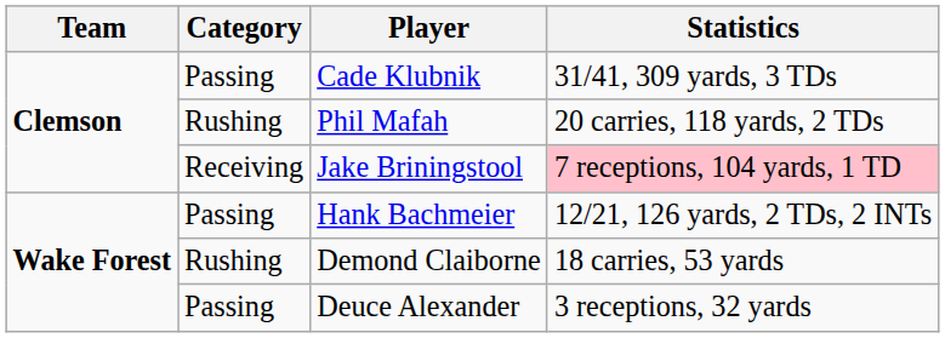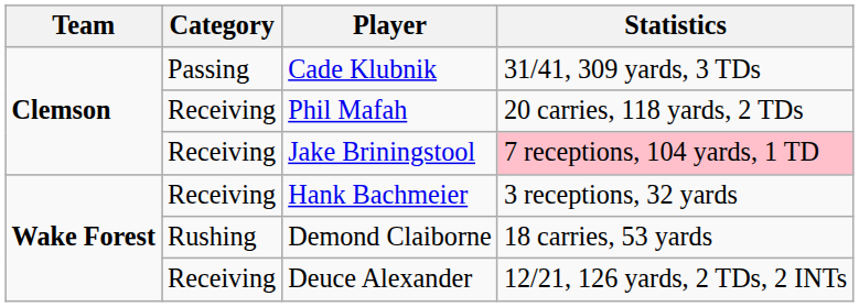 <table class="wikitable" style="float: right;">
 <tr>
 <th>Team</th>
 <th>Category</th>
 <th>Player</th>
 <th>Statistics</th>
 </tr>
 <tr>
 <td rowspan=3><strong>Clemson</strong></td>
 <td>Passing</td>
 <td><a href='#'>Cade Klubnik</a></td>
 <td>31/41, 309 yards, 3 TDs</td>
 </tr>
 <tr>
-<td>Rushing</td>
+<td>Receiving</td>
 <td><a href='#'>Phil Mafah</a></td>
 <td>20 carries, 118 yards, 2 TDs</td>
 </tr>
 <tr>
 <td>Receiving</td>
 <td><a href='#'>Jake Briningstool</a></td>
 <td style="background: pink;">7 receptions, 104 yards, 1 TD</td>
 </tr>
 <tr>
 <td rowspan=3><strong>Wake Forest</strong></td>
-<td>Passing</td>
+<td>Receiving</td>
 <td><a href='#'>Hank Bachmeier</a></td>
-<td>12/21, 126 yards, 2 TDs, 2 INTs</td>
+<td>3 receptions, 32 yards</td>
 </tr>
 <tr>
 <td>Rushing</td>
 <td>Demond Claiborne</td>
 <td>18 carries, 53 yards</td>
 </tr>
 <tr>
-<td>Passing</td>
+<td>Receiving</td>
 <td>Deuce Alexander</td>
-<td>3 receptions, 32 yards</td>
+<td>12/21, 126 yards, 2 TDs, 2 INTs</td>
 </tr>
 </table>
